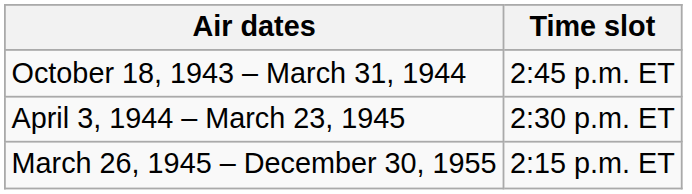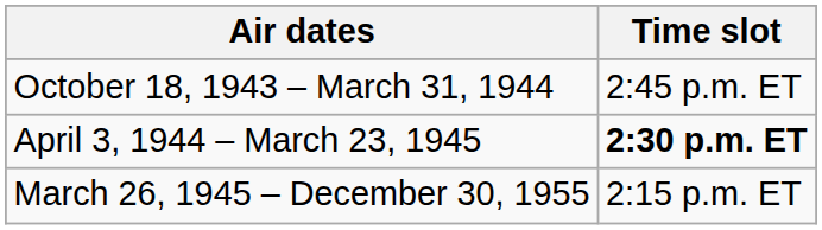 <table class="wikitable">
 <tr>
 <th>Air dates</th>
 <th>Time slot</th>
 </tr>
 <tr>
 <td>October 18, 1943 – March 31, 1944</td>
 <td>2:45 p.m. ET</td>
 </tr>
 <tr>
 <td>April 3, 1944 – March 23, 1945</td>
-<td>2:30 p.m. ET</td>
+<td><strong>2:30 p.m. ET</strong></td>
 </tr>
 <tr>
 <td>March 26, 1945 – December 30, 1955</td>
 <td>2:15 p.m. ET</td>
 </tr>
 </table>
